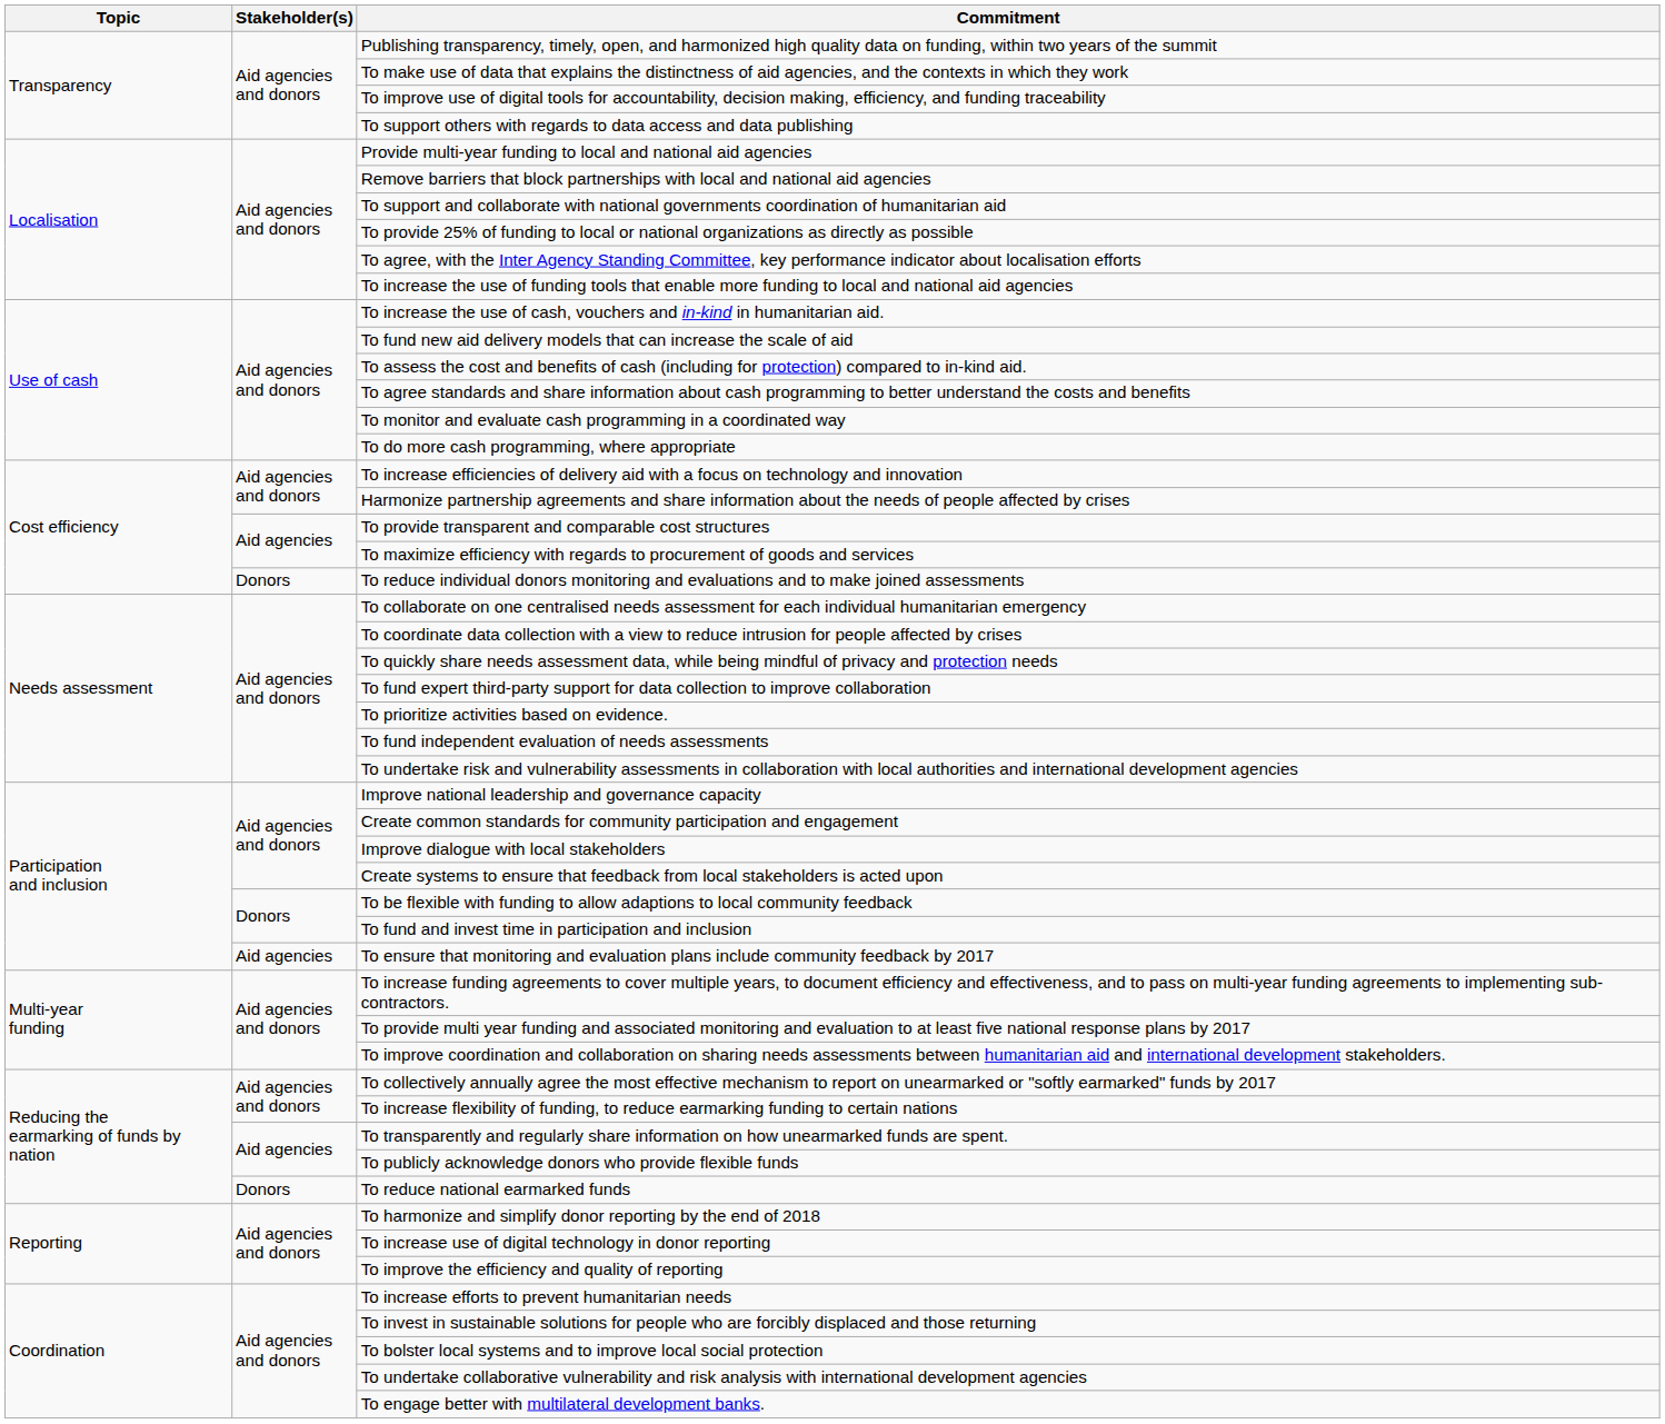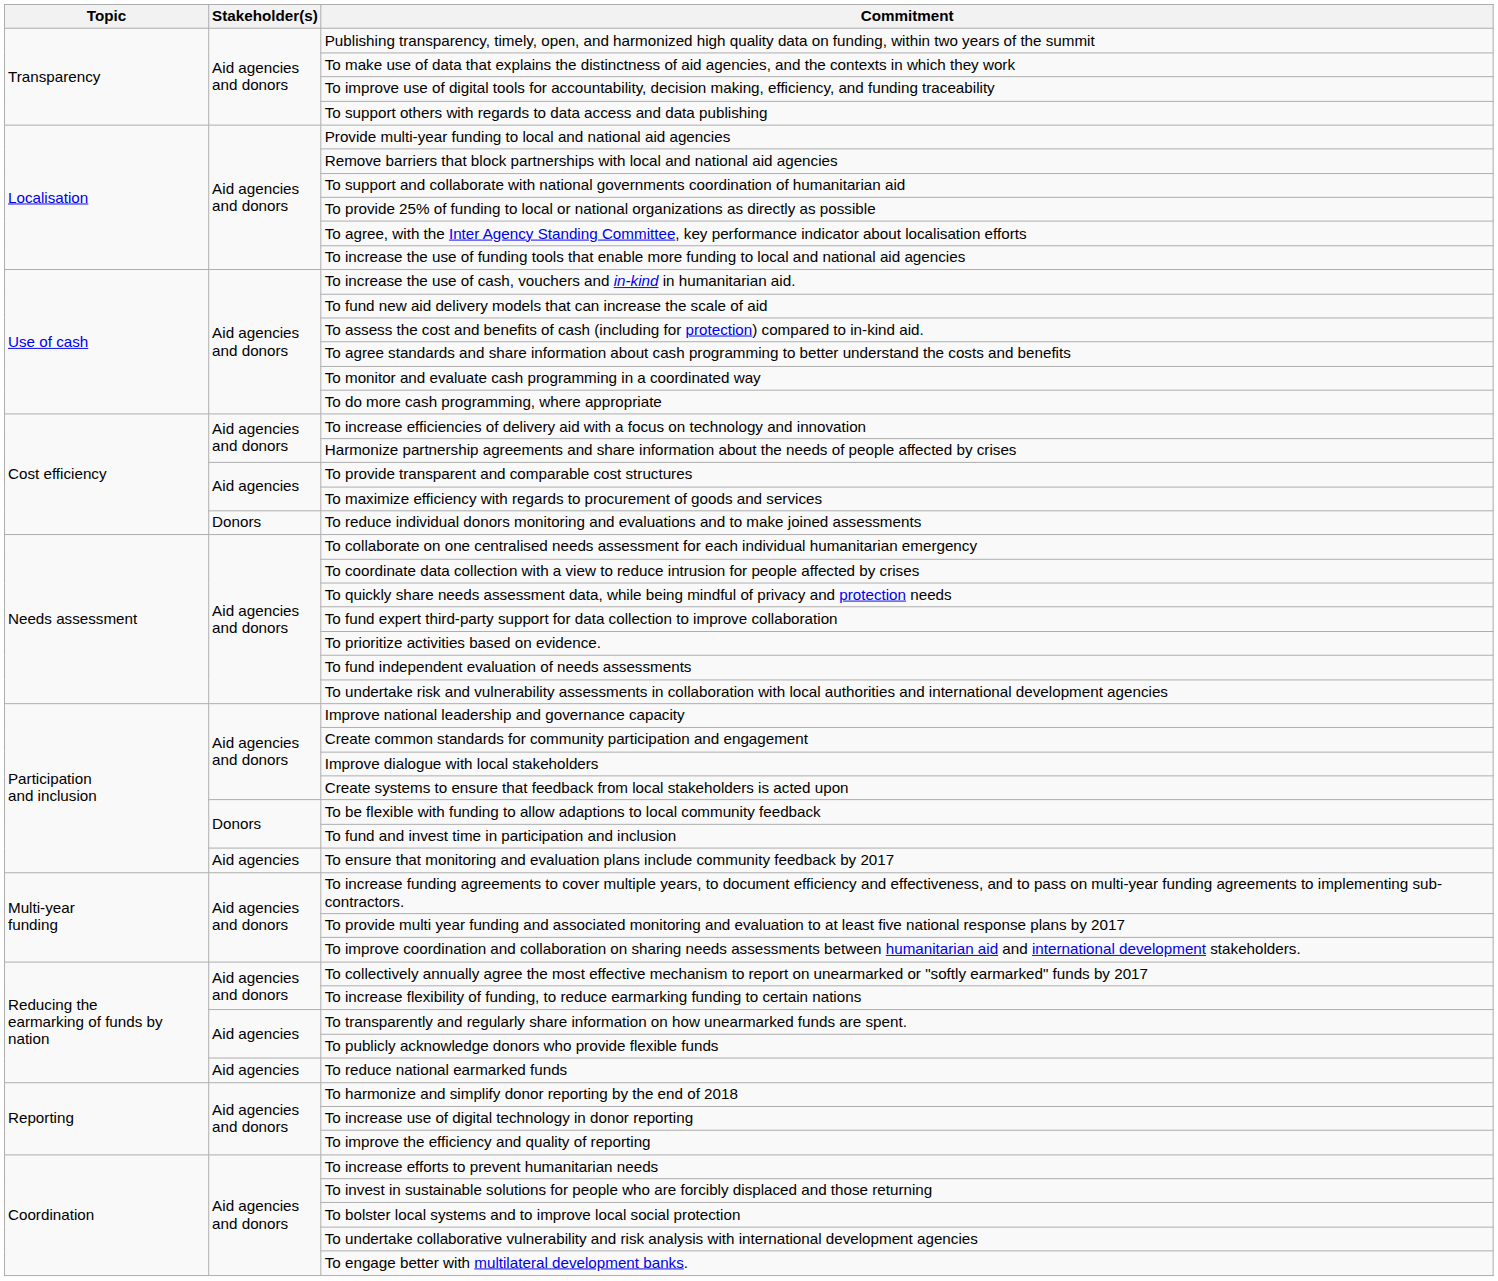 <table class="wikitable">
 <tr>
 <th>Topic</th>
 <th>Stakeholder(s)</th>
 <th>Commitment</th>
 </tr>
 <tr>
 <td rowspan="4">Transparency</td>
 <td rowspan="4">Aid agencies<br>and donors</td>
 <td>Publishing transparency, timely, open, and harmonized high quality data on funding, within two years of the summit</td>
 </tr>
 <tr>
 <td>To make use of data that explains the distinctness of aid agencies, and the contexts in which they work</td>
 </tr>
 <tr>
 <td>To improve use of digital tools for accountability, decision making, efficiency, and funding traceability</td>
 </tr>
 <tr>
 <td>To support others with regards to data access and data publishing</td>
 </tr>
 <tr>
 <td rowspan="6"><a href='#'>Localisation</a></td>
 <td rowspan="6">Aid agencies<br>and donors</td>
 <td>Provide multi-year funding to local and national aid agencies</td>
 </tr>
 <tr>
 <td>Remove barriers that block partnerships with local and national aid agencies</td>
 </tr>
 <tr>
 <td>To support and collaborate with national governments coordination of humanitarian aid</td>
 </tr>
 <tr>
 <td>To provide 25% of funding to local or national organizations as directly as possible</td>
 </tr>
 <tr>
 <td>To agree, with the <a href='#'>Inter Agency Standing Committee</a>, key performance indicator about localisation efforts</td>
 </tr>
 <tr>
 <td>To increase the use of funding tools that enable more funding to local and national aid agencies</td>
 </tr>
 <tr>
 <td rowspan="6"><a href='#'>Use of cash</a></td>
 <td rowspan="6">Aid agencies<br>and donors</td>
 <td>To increase the use of cash, vouchers and <em><a href='#'>in-kind</a></em> in humanitarian aid.</td>
 </tr>
 <tr>
 <td>To fund new aid delivery models that can increase the scale of aid</td>
 </tr>
 <tr>
 <td>To assess the cost and benefits of cash (including for <a href='#'>protection</a>) compared to in-kind aid.</td>
 </tr>
 <tr>
 <td>To agree standards and share information about cash programming to better understand the costs and benefits</td>
 </tr>
 <tr>
 <td>To monitor and evaluate cash programming in a coordinated way</td>
 </tr>
 <tr>
 <td>To do more cash programming, where appropriate</td>
 </tr>
 <tr>
 <td rowspan="5">Cost efficiency</td>
 <td rowspan="2">Aid agencies<br>and donors</td>
 <td>To increase efficiencies of delivery aid with a focus on technology and innovation</td>
 </tr>
 <tr>
 <td>Harmonize partnership agreements and share information about the needs of people affected by crises</td>
 </tr>
 <tr>
 <td rowspan="2">Aid agencies</td>
 <td>To provide transparent and comparable cost structures</td>
 </tr>
 <tr>
 <td>To maximize efficiency with regards to procurement of goods and services</td>
 </tr>
 <tr>
 <td>Donors</td>
 <td>To reduce individual donors monitoring and evaluations and to make joined assessments</td>
 </tr>
 <tr>
 <td rowspan="7">Needs assessment</td>
 <td rowspan="7">Aid agencies<br>and donors</td>
 <td>To collaborate on one centralised needs assessment for each individual humanitarian emergency</td>
 </tr>
 <tr>
 <td>To coordinate data collection with a view to reduce intrusion for people affected by crises</td>
 </tr>
 <tr>
 <td>To quickly share needs assessment data, while being mindful of privacy and <a href='#'>protection</a> needs</td>
 </tr>
 <tr>
 <td>To fund expert third-party support for data collection to improve collaboration</td>
 </tr>
 <tr>
 <td>To prioritize activities based on evidence.</td>
 </tr>
 <tr>
 <td>To fund independent evaluation of needs assessments</td>
 </tr>
 <tr>
 <td>To undertake risk and vulnerability assessments in collaboration with local authorities and international development agencies</td>
 </tr>
 <tr>
 <td rowspan="7">Participation<br>and inclusion</td>
 <td rowspan="4">Aid agencies<br>and donors</td>
 <td>Improve national leadership and governance capacity</td>
 </tr>
 <tr>
 <td>Create common standards for community participation and engagement</td>
 </tr>
 <tr>
 <td>Improve dialogue with local stakeholders</td>
 </tr>
 <tr>
 <td>Create systems to ensure that feedback from local stakeholders is acted upon</td>
 </tr>
 <tr>
 <td rowspan="2">Donors</td>
 <td>To be flexible with funding to allow adaptions to local community feedback</td>
 </tr>
 <tr>
 <td>To fund and invest time in participation and inclusion</td>
 </tr>
 <tr>
 <td>Aid agencies</td>
 <td>To ensure that monitoring and evaluation plans include community feedback by 2017</td>
 </tr>
 <tr>
 <td rowspan="3">Multi-year<br>funding</td>
 <td rowspan="3">Aid agencies<br>and donors</td>
 <td>To increase funding agreements to cover multiple years, to document efficiency and effectiveness, and to pass on multi-year funding agreements to implementing sub-contractors.</td>
 </tr>
 <tr>
 <td>To provide multi year funding and associated monitoring and evaluation to at least five national response plans by 2017</td>
 </tr>
 <tr>
 <td>To improve coordination and collaboration on sharing needs assessments between <a href='#'>humanitarian aid</a> and <a href='#'>international development</a> stakeholders.</td>
 </tr>
 <tr>
 <td rowspan="5">Reducing the<br>earmarking of funds by nation</td>
 <td rowspan="2">Aid agencies<br>and donors</td>
 <td>To collectively annually agree the most effective mechanism to report on unearmarked or "softly earmarked" funds by 2017</td>
 </tr>
 <tr>
 <td>To increase flexibility of funding, to reduce earmarking funding to certain nations</td>
 </tr>
 <tr>
 <td rowspan="2">Aid agencies</td>
 <td>To transparently and regularly share information on how unearmarked funds are spent.</td>
 </tr>
 <tr>
 <td>To publicly acknowledge donors who provide flexible funds</td>
 </tr>
 <tr>
-<td>Donors</td>
+<td>Aid agencies</td>
 <td>To reduce national earmarked funds</td>
 </tr>
 <tr>
 <td rowspan="3">Reporting</td>
 <td rowspan="3">Aid agencies<br>and donors</td>
 <td>To harmonize and simplify donor reporting by the end of 2018</td>
 </tr>
 <tr>
 <td>To increase use of digital technology in donor reporting</td>
 </tr>
 <tr>
 <td>To improve the efficiency and quality of reporting</td>
 </tr>
 <tr>
 <td rowspan="5">Coordination</td>
 <td rowspan="5">Aid agencies<br>and donors</td>
 <td>To increase efforts to prevent humanitarian needs</td>
 </tr>
 <tr>
 <td>To invest in sustainable solutions for people who are forcibly displaced and those returning</td>
 </tr>
 <tr>
 <td>To bolster local systems and to improve local social protection</td>
 </tr>
 <tr>
 <td>To undertake collaborative vulnerability and risk analysis with international development agencies</td>
 </tr>
 <tr>
 <td>To engage better with <a href='#'>multilateral development banks</a>.</td>
 </tr>
 </table>
